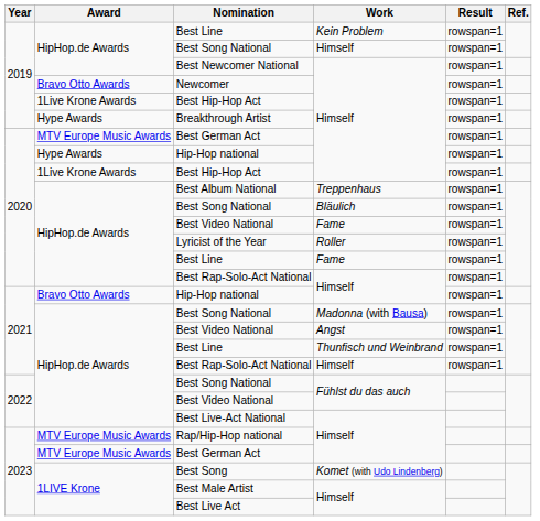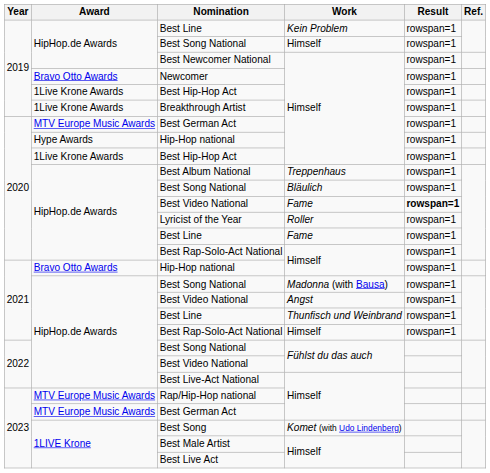 <table class="wikitable">
 <tr>
 <th>Year</th>
 <th>Award</th>
 <th>Nomination</th>
 <th>Work</th>
 <th>Result</th>
 <th>Ref.</th>
 </tr>
 <tr>
 <td rowspan="6">2019</td>
 <td rowspan="3">HipHop.de Awards</td>
 <td>Best Line</td>
 <td><em>Kein Problem</em></td>
 <td>rowspan=1 </td>
 <td rowspan="2"></td>
 </tr>
 <tr>
 <td>Best Song National</td>
 <td>Himself</td>
 <td>rowspan=1 </td>
 </tr>
 <tr>
 <td>Best Newcomer National</td>
 <td rowspan="7">Himself</td>
 <td>rowspan=1 </td>
 <td></td>
 </tr>
 <tr>
 <td><a href='#'>Bravo Otto Awards</a></td>
 <td>Newcomer</td>
 <td>rowspan=1 </td>
 <td></td>
 </tr>
 <tr>
 <td>1Live Krone Awards</td>
 <td>Best Hip-Hop Act</td>
 <td>rowspan=1 </td>
 <td></td>
 </tr>
 <tr>
-<td>Hype Awards</td>
+<td>1Live Krone Awards</td>
 <td>Breakthrough Artist</td>
 <td>rowspan=1 </td>
 <td></td>
 </tr>
 <tr>
 <td rowspan="9">2020</td>
 <td><a href='#'>MTV Europe Music Awards</a></td>
 <td>Best German Act</td>
 <td>rowspan=1 </td>
 <td></td>
 </tr>
 <tr>
 <td>Hype Awards</td>
 <td>Hip-Hop national</td>
 <td>rowspan=1 </td>
 <td></td>
 </tr>
 <tr>
 <td>1Live Krone Awards</td>
 <td>Best Hip-Hop Act</td>
 <td>rowspan=1 </td>
 <td></td>
 </tr>
 <tr>
 <td rowspan="6">HipHop.de Awards</td>
 <td>Best Album National</td>
 <td><em>Treppenhaus</em></td>
 <td>rowspan=1 </td>
 <td rowspan="6"></td>
 </tr>
 <tr>
 <td>Best Song National</td>
 <td><em>Bläulich</em></td>
 <td>rowspan=1 </td>
 </tr>
 <tr>
 <td>Best Video National</td>
 <td><em>Fame</em></td>
-<td>rowspan=1 </td>
+<td><strong>rowspan=1 </strong></td>
 </tr>
 <tr>
 <td>Lyricist of the Year</td>
 <td><em>Roller</em></td>
 <td>rowspan=1 </td>
 </tr>
 <tr>
 <td>Best Line</td>
 <td><em>Fame</em></td>
 <td>rowspan=1 </td>
 </tr>
 <tr>
 <td>Best Rap-Solo-Act National</td>
 <td rowspan="2">Himself</td>
 <td>rowspan=1 </td>
 </tr>
 <tr>
 <td rowspan="5">2021</td>
 <td><a href='#'>Bravo Otto Awards</a></td>
 <td>Hip-Hop national</td>
 <td>rowspan=1 </td>
 <td></td>
 </tr>
 <tr>
 <td rowspan="7">HipHop.de Awards</td>
 <td>Best Song National</td>
 <td><em>Madonna</em> (with <a href='#'>Bausa</a>)</td>
 <td>rowspan=1 </td>
 <td rowspan="4"></td>
 </tr>
 <tr>
 <td>Best Video National</td>
 <td><em>Angst</em></td>
 <td>rowspan=1 </td>
 </tr>
 <tr>
 <td>Best Line</td>
 <td><em>Thunfisch und Weinbrand</em></td>
 <td>rowspan=1 </td>
 </tr>
 <tr>
 <td>Best Rap-Solo-Act National</td>
 <td>Himself</td>
 <td>rowspan=1 </td>
 </tr>
 <tr>
 <td rowspan="3">2022</td>
 <td>Best Song National</td>
 <td rowspan="2"><em>Fühlst du das auch</em></td>
 <td></td>
 <td rowspan="3"></td>
 </tr>
 <tr>
 <td>Best Video National</td>
 <td></td>
 </tr>
 <tr>
 <td>Best Live-Act National</td>
 <td rowspan="3">Himself</td>
 <td></td>
 </tr>
 <tr>
 <td rowspan="5">2023</td>
 <td><a href='#'>MTV Europe Music Awards</a></td>
 <td>Rap/Hip-Hop national</td>
 <td></td>
 <td></td>
 </tr>
 <tr>
 <td><a href='#'>MTV Europe Music Awards</a></td>
 <td>Best German Act</td>
 <td></td>
 <td></td>
 </tr>
 <tr>
 <td rowspan="3"><a href='#'>1LIVE Krone</a></td>
 <td>Best Song</td>
 <td><em>Komet</em> <small>(with <a href='#'>Udo Lindenberg</a>)</small></td>
 <td></td>
 <td rowspan="3"></td>
 </tr>
 <tr>
 <td>Best Male Artist</td>
 <td rowspan="2">Himself</td>
 <td></td>
 </tr>
 <tr>
 <td>Best Live Act</td>
 <td></td>
 </tr>
 </table>
